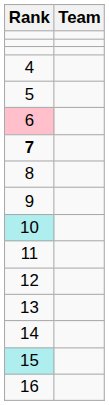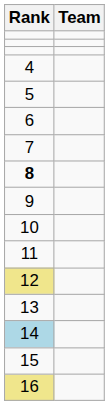 <table class="wikitable" style="text-align:center">
 <tr>
 <th width=40>Rank</th>
 <th>Team</th>
 </tr>
 <tr>
 <td></td>
 <td style="text-align:left"></td>
 </tr>
 <tr>
 <td></td>
 <td style="text-align:left"></td>
 </tr>
 <tr>
 <td></td>
 <td style="text-align:left"></td>
 </tr>
 <tr>
 <td>4</td>
 <td style="text-align:left"></td>
 </tr>
 <tr>
 <td>5</td>
 <td style="text-align:left"></td>
 </tr>
 <tr>
-<td style="background: pink;">6</td>
+<td>6</td>
 <td style="text-align:left"></td>
 </tr>
 <tr>
-<td><strong>7</strong></td>
+<td>7</td>
 <td style="text-align:left"></td>
 </tr>
 <tr>
-<td>8</td>
+<td><strong>8</strong></td>
 <td style="text-align:left;"></td>
 </tr>
 <tr>
 <td>9</td>
 <td style="text-align:left"></td>
 </tr>
 <tr>
-<td style="background: paleturquoise;">10</td>
+<td>10</td>
 <td style="text-align:left"></td>
 </tr>
 <tr>
 <td>11</td>
 <td style="text-align:left"></td>
 </tr>
 <tr>
-<td>12</td>
+<td style="background: khaki;">12</td>
 <td style="text-align:left"></td>
 </tr>
 <tr>
 <td>13</td>
 <td style="text-align:left;"></td>
 </tr>
 <tr>
-<td>14</td>
+<td style="background: lightblue;">14</td>
 <td style="text-align:left"></td>
 </tr>
 <tr>
-<td style="background: paleturquoise;">15</td>
+<td>15</td>
 <td style="text-align:left"></td>
 </tr>
 <tr>
-<td>16</td>
+<td style="background: khaki;">16</td>
 <td style="text-align:left;"></td>
 </tr>
 </table>
